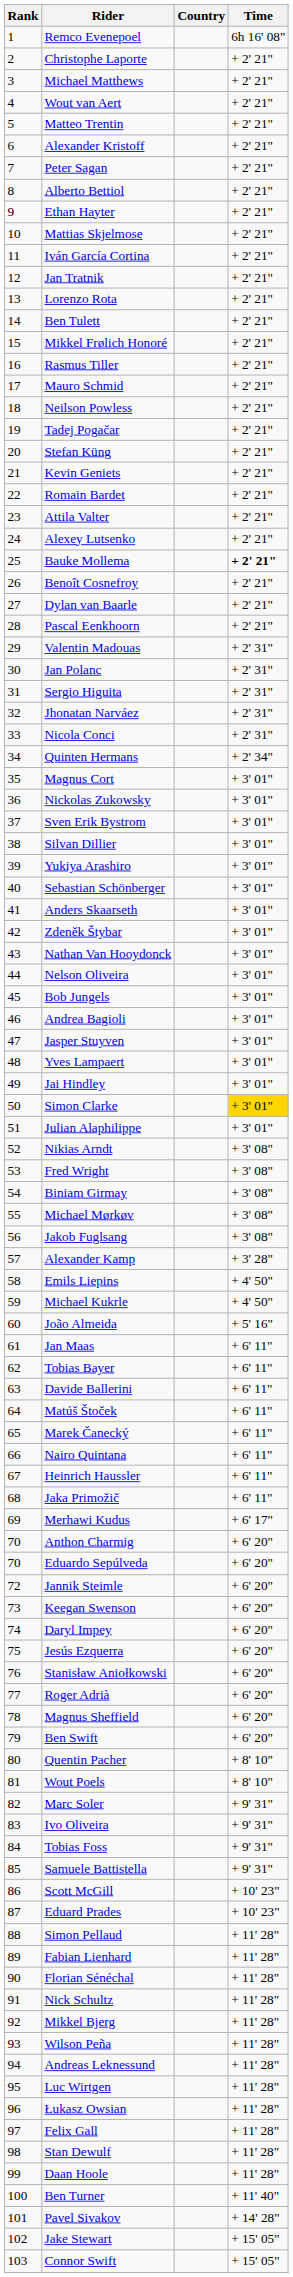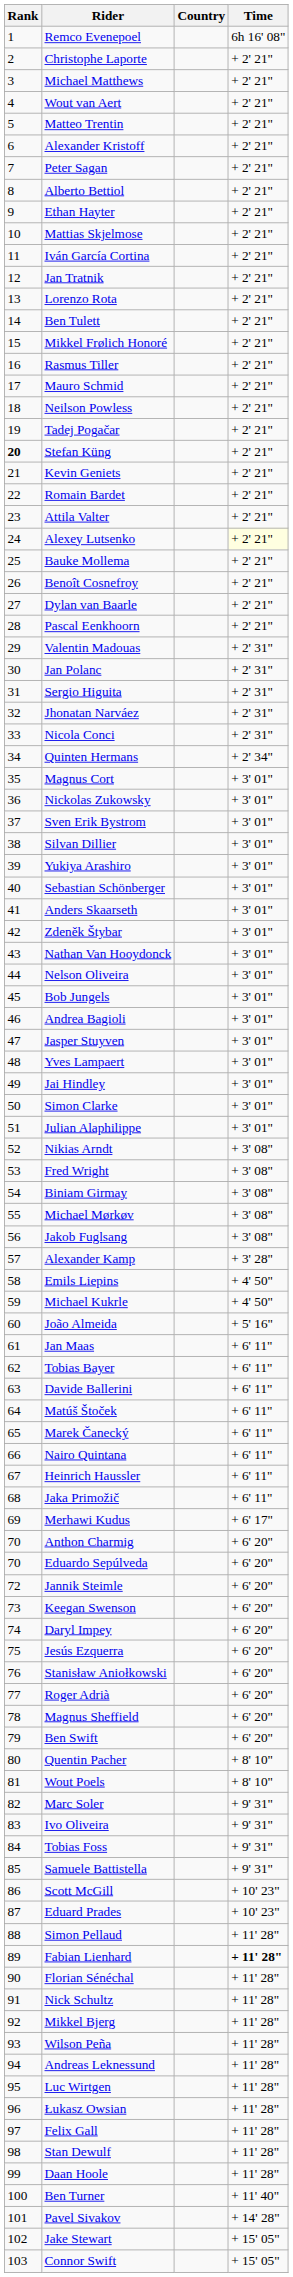 <table class="wikitable sortable" style="font-size:95%; text-align:left;">
 <tr>
 <th>Rank</th>
 <th>Rider</th>
 <th>Country</th>
 <th>Time</th>
 </tr>
 <tr>
 <td>1</td>
 <td><a href='#'>Remco Evenepoel</a></td>
 <td></td>
 <td>6h 16' 08"</td>
 </tr>
 <tr>
 <td>2</td>
 <td><a href='#'>Christophe Laporte</a></td>
 <td></td>
 <td>+ 2' 21"</td>
 </tr>
 <tr>
 <td>3</td>
 <td><a href='#'>Michael Matthews</a></td>
 <td></td>
 <td>+ 2' 21"</td>
 </tr>
 <tr>
 <td>4</td>
 <td><a href='#'>Wout van Aert</a></td>
 <td></td>
 <td>+ 2' 21"</td>
 </tr>
 <tr>
 <td>5</td>
 <td><a href='#'>Matteo Trentin</a></td>
 <td></td>
 <td>+ 2' 21"</td>
 </tr>
 <tr>
 <td>6</td>
 <td><a href='#'>Alexander Kristoff</a></td>
 <td></td>
 <td>+ 2' 21"</td>
 </tr>
 <tr>
 <td>7</td>
 <td><a href='#'>Peter Sagan</a></td>
 <td></td>
 <td>+ 2' 21"</td>
 </tr>
 <tr>
 <td>8</td>
 <td><a href='#'>Alberto Bettiol</a></td>
 <td></td>
 <td>+ 2' 21"</td>
 </tr>
 <tr>
 <td>9</td>
 <td><a href='#'>Ethan Hayter</a></td>
 <td></td>
 <td>+ 2' 21"</td>
 </tr>
 <tr>
 <td>10</td>
 <td><a href='#'>Mattias Skjelmose</a></td>
 <td></td>
 <td>+ 2' 21"</td>
 </tr>
 <tr>
 <td>11</td>
 <td><a href='#'>Iván García Cortina</a></td>
 <td></td>
 <td>+ 2' 21"</td>
 </tr>
 <tr>
 <td>12</td>
 <td><a href='#'>Jan Tratnik</a></td>
 <td></td>
 <td>+ 2' 21"</td>
 </tr>
 <tr>
 <td>13</td>
 <td><a href='#'>Lorenzo Rota</a></td>
 <td></td>
 <td>+ 2' 21"</td>
 </tr>
 <tr>
 <td>14</td>
 <td><a href='#'>Ben Tulett</a></td>
 <td></td>
 <td>+ 2' 21"</td>
 </tr>
 <tr>
 <td>15</td>
 <td><a href='#'>Mikkel Frølich Honoré</a></td>
 <td></td>
 <td>+ 2' 21"</td>
 </tr>
 <tr>
 <td>16</td>
 <td><a href='#'>Rasmus Tiller</a></td>
 <td></td>
 <td>+ 2' 21"</td>
 </tr>
 <tr>
 <td>17</td>
 <td><a href='#'>Mauro Schmid</a></td>
 <td></td>
 <td>+ 2' 21"</td>
 </tr>
 <tr>
 <td>18</td>
 <td><a href='#'>Neilson Powless</a></td>
 <td></td>
 <td>+ 2' 21"</td>
 </tr>
 <tr>
 <td>19</td>
 <td><a href='#'>Tadej Pogačar</a></td>
 <td></td>
 <td>+ 2' 21"</td>
 </tr>
 <tr>
-<td>20</td>
+<td><strong>20</strong></td>
 <td><a href='#'>Stefan Küng</a></td>
 <td></td>
 <td>+ 2' 21"</td>
 </tr>
 <tr>
 <td>21</td>
 <td><a href='#'>Kevin Geniets</a></td>
 <td></td>
 <td>+ 2' 21"</td>
 </tr>
 <tr>
 <td>22</td>
 <td><a href='#'>Romain Bardet</a></td>
 <td></td>
 <td>+ 2' 21"</td>
 </tr>
 <tr>
 <td>23</td>
 <td><a href='#'>Attila Valter</a></td>
 <td></td>
 <td>+ 2' 21"</td>
 </tr>
 <tr>
 <td>24</td>
 <td><a href='#'>Alexey Lutsenko</a></td>
 <td></td>
-<td>+ 2' 21"</td>
+<td style="background: lightyellow;">+ 2' 21"</td>
 </tr>
 <tr>
 <td>25</td>
 <td><a href='#'>Bauke Mollema</a></td>
 <td></td>
-<td><strong>+ 2' 21"</strong></td>
+<td>+ 2' 21"</td>
 </tr>
 <tr>
 <td>26</td>
 <td><a href='#'>Benoît Cosnefroy</a></td>
 <td></td>
 <td>+ 2' 21"</td>
 </tr>
 <tr>
 <td>27</td>
 <td><a href='#'>Dylan van Baarle</a></td>
 <td></td>
 <td>+ 2' 21"</td>
 </tr>
 <tr>
 <td>28</td>
 <td><a href='#'>Pascal Eenkhoorn</a></td>
 <td></td>
 <td>+ 2' 21"</td>
 </tr>
 <tr>
 <td>29</td>
 <td><a href='#'>Valentin Madouas</a></td>
 <td></td>
 <td>+ 2' 31"</td>
 </tr>
 <tr>
 <td>30</td>
 <td><a href='#'>Jan Polanc</a></td>
 <td></td>
 <td>+ 2' 31"</td>
 </tr>
 <tr>
 <td>31</td>
 <td><a href='#'>Sergio Higuita</a></td>
 <td></td>
 <td>+ 2' 31"</td>
 </tr>
 <tr>
 <td>32</td>
 <td><a href='#'>Jhonatan Narváez</a></td>
 <td></td>
 <td>+ 2' 31"</td>
 </tr>
 <tr>
 <td>33</td>
 <td><a href='#'>Nicola Conci</a></td>
 <td></td>
 <td>+ 2' 31"</td>
 </tr>
 <tr>
 <td>34</td>
 <td><a href='#'>Quinten Hermans</a></td>
 <td></td>
 <td>+ 2' 34"</td>
 </tr>
 <tr>
 <td>35</td>
 <td><a href='#'>Magnus Cort</a></td>
 <td></td>
 <td>+ 3' 01"</td>
 </tr>
 <tr>
 <td>36</td>
 <td><a href='#'>Nickolas Zukowsky</a></td>
 <td></td>
 <td>+ 3' 01"</td>
 </tr>
 <tr>
 <td>37</td>
 <td><a href='#'>Sven Erik Bystrom</a></td>
 <td></td>
 <td>+ 3' 01"</td>
 </tr>
 <tr>
 <td>38</td>
 <td><a href='#'>Silvan Dillier</a></td>
 <td></td>
 <td>+ 3' 01"</td>
 </tr>
 <tr>
 <td>39</td>
 <td><a href='#'>Yukiya Arashiro</a></td>
 <td></td>
 <td>+ 3' 01"</td>
 </tr>
 <tr>
 <td>40</td>
 <td><a href='#'>Sebastian Schönberger</a></td>
 <td></td>
 <td>+ 3' 01"</td>
 </tr>
 <tr>
 <td>41</td>
 <td><a href='#'>Anders Skaarseth</a></td>
 <td></td>
 <td>+ 3' 01"</td>
 </tr>
 <tr>
 <td>42</td>
 <td><a href='#'>Zdeněk Štybar</a></td>
 <td></td>
 <td>+ 3' 01"</td>
 </tr>
 <tr>
 <td>43</td>
 <td><a href='#'>Nathan Van Hooydonck</a></td>
 <td></td>
 <td>+ 3' 01"</td>
 </tr>
 <tr>
 <td>44</td>
 <td><a href='#'>Nelson Oliveira</a></td>
 <td></td>
 <td>+ 3' 01"</td>
 </tr>
 <tr>
 <td>45</td>
 <td><a href='#'>Bob Jungels</a></td>
 <td></td>
 <td>+ 3' 01"</td>
 </tr>
 <tr>
 <td>46</td>
 <td><a href='#'>Andrea Bagioli</a></td>
 <td></td>
 <td>+ 3' 01"</td>
 </tr>
 <tr>
 <td>47</td>
 <td><a href='#'>Jasper Stuyven</a></td>
 <td></td>
 <td>+ 3' 01"</td>
 </tr>
 <tr>
 <td>48</td>
 <td><a href='#'>Yves Lampaert</a></td>
 <td></td>
 <td>+ 3' 01"</td>
 </tr>
 <tr>
 <td>49</td>
 <td><a href='#'>Jai Hindley</a></td>
 <td></td>
 <td>+ 3' 01"</td>
 </tr>
 <tr>
 <td>50</td>
 <td><a href='#'>Simon Clarke</a></td>
 <td></td>
-<td style="background: gold;">+ 3' 01"</td>
+<td>+ 3' 01"</td>
 </tr>
 <tr>
 <td>51</td>
 <td><a href='#'>Julian Alaphilippe</a></td>
 <td></td>
 <td>+ 3' 01"</td>
 </tr>
 <tr>
 <td>52</td>
 <td><a href='#'>Nikias Arndt</a></td>
 <td></td>
 <td>+ 3' 08"</td>
 </tr>
 <tr>
 <td>53</td>
 <td><a href='#'>Fred Wright</a></td>
 <td></td>
 <td>+ 3' 08"</td>
 </tr>
 <tr>
 <td>54</td>
 <td><a href='#'>Biniam Girmay</a></td>
 <td></td>
 <td>+ 3' 08"</td>
 </tr>
 <tr>
 <td>55</td>
 <td><a href='#'>Michael Mørkøv</a></td>
 <td></td>
 <td>+ 3' 08"</td>
 </tr>
 <tr>
 <td>56</td>
 <td><a href='#'>Jakob Fuglsang</a></td>
 <td></td>
 <td>+ 3' 08"</td>
 </tr>
 <tr>
 <td>57</td>
 <td><a href='#'>Alexander Kamp</a></td>
 <td></td>
 <td>+ 3' 28"</td>
 </tr>
 <tr>
 <td>58</td>
 <td><a href='#'>Emils Liepins</a></td>
 <td></td>
 <td>+ 4' 50"</td>
 </tr>
 <tr>
 <td>59</td>
 <td><a href='#'>Michael Kukrle</a></td>
 <td></td>
 <td>+ 4' 50"</td>
 </tr>
 <tr>
 <td>60</td>
 <td><a href='#'>João Almeida</a></td>
 <td></td>
 <td>+ 5' 16"</td>
 </tr>
 <tr>
 <td>61</td>
 <td><a href='#'>Jan Maas</a></td>
 <td></td>
 <td>+ 6' 11"</td>
 </tr>
 <tr>
 <td>62</td>
 <td><a href='#'>Tobias Bayer</a></td>
 <td></td>
 <td>+ 6' 11"</td>
 </tr>
 <tr>
 <td>63</td>
 <td><a href='#'>Davide Ballerini</a></td>
 <td></td>
 <td>+ 6' 11"</td>
 </tr>
 <tr>
 <td>64</td>
 <td><a href='#'>Matúš Štoček</a></td>
 <td></td>
 <td>+ 6' 11"</td>
 </tr>
 <tr>
 <td>65</td>
 <td><a href='#'>Marek Čanecký</a></td>
 <td></td>
 <td>+ 6' 11"</td>
 </tr>
 <tr>
 <td>66</td>
 <td><a href='#'>Nairo Quintana</a></td>
 <td></td>
 <td>+ 6' 11"</td>
 </tr>
 <tr>
 <td>67</td>
 <td><a href='#'>Heinrich Haussler</a></td>
 <td></td>
 <td>+ 6' 11"</td>
 </tr>
 <tr>
 <td>68</td>
 <td><a href='#'>Jaka Primožič</a></td>
 <td></td>
 <td>+ 6' 11"</td>
 </tr>
 <tr>
 <td>69</td>
 <td><a href='#'>Merhawi Kudus</a></td>
 <td></td>
 <td>+ 6' 17"</td>
 </tr>
 <tr>
 <td>70</td>
 <td><a href='#'>Anthon Charmig</a></td>
 <td></td>
 <td>+ 6' 20"</td>
 </tr>
 <tr>
 <td>70</td>
 <td><a href='#'>Eduardo Sepúlveda</a></td>
 <td></td>
 <td>+ 6' 20"</td>
 </tr>
 <tr>
 <td>72</td>
 <td><a href='#'>Jannik Steimle</a></td>
 <td></td>
 <td>+ 6' 20"</td>
 </tr>
 <tr>
 <td>73</td>
 <td><a href='#'>Keegan Swenson</a></td>
 <td></td>
 <td>+ 6' 20"</td>
 </tr>
 <tr>
 <td>74</td>
 <td><a href='#'>Daryl Impey</a></td>
 <td></td>
 <td>+ 6' 20"</td>
 </tr>
 <tr>
 <td>75</td>
 <td><a href='#'>Jesús Ezquerra</a></td>
 <td></td>
 <td>+ 6' 20"</td>
 </tr>
 <tr>
 <td>76</td>
 <td><a href='#'>Stanisław Aniołkowski</a></td>
 <td></td>
 <td>+ 6' 20"</td>
 </tr>
 <tr>
 <td>77</td>
 <td><a href='#'>Roger Adrià</a></td>
 <td></td>
 <td>+ 6' 20"</td>
 </tr>
 <tr>
 <td>78</td>
 <td><a href='#'>Magnus Sheffield</a></td>
 <td></td>
 <td>+ 6' 20"</td>
 </tr>
 <tr>
 <td>79</td>
 <td><a href='#'>Ben Swift</a></td>
 <td></td>
 <td>+ 6' 20"</td>
 </tr>
 <tr>
 <td>80</td>
 <td><a href='#'>Quentin Pacher</a></td>
 <td></td>
 <td>+ 8' 10"</td>
 </tr>
 <tr>
 <td>81</td>
 <td><a href='#'>Wout Poels</a></td>
 <td></td>
 <td>+ 8' 10"</td>
 </tr>
 <tr>
 <td>82</td>
 <td><a href='#'>Marc Soler</a></td>
 <td></td>
 <td>+ 9' 31"</td>
 </tr>
 <tr>
 <td>83</td>
 <td><a href='#'>Ivo Oliveira</a></td>
 <td></td>
 <td>+ 9' 31"</td>
 </tr>
 <tr>
 <td>84</td>
 <td><a href='#'>Tobias Foss</a></td>
 <td></td>
 <td>+ 9' 31"</td>
 </tr>
 <tr>
 <td>85</td>
 <td><a href='#'>Samuele Battistella</a></td>
 <td></td>
 <td>+ 9' 31"</td>
 </tr>
 <tr>
 <td>86</td>
 <td><a href='#'>Scott McGill</a></td>
 <td></td>
 <td>+ 10' 23"</td>
 </tr>
 <tr>
 <td>87</td>
 <td><a href='#'>Eduard Prades</a></td>
 <td></td>
 <td>+ 10' 23"</td>
 </tr>
 <tr>
 <td>88</td>
 <td><a href='#'>Simon Pellaud</a></td>
 <td></td>
 <td>+ 11' 28"</td>
 </tr>
 <tr>
 <td>89</td>
 <td><a href='#'>Fabian Lienhard</a></td>
 <td></td>
-<td>+ 11' 28"</td>
+<td><strong>+ 11' 28"</strong></td>
 </tr>
 <tr>
 <td>90</td>
 <td><a href='#'>Florian Sénéchal</a></td>
 <td></td>
 <td>+ 11' 28"</td>
 </tr>
 <tr>
 <td>91</td>
 <td><a href='#'>Nick Schultz</a></td>
 <td></td>
 <td>+ 11' 28"</td>
 </tr>
 <tr>
 <td>92</td>
 <td><a href='#'>Mikkel Bjerg</a></td>
 <td></td>
 <td>+ 11' 28"</td>
 </tr>
 <tr>
 <td>93</td>
 <td><a href='#'>Wilson Peña</a></td>
 <td></td>
 <td>+ 11' 28"</td>
 </tr>
 <tr>
 <td>94</td>
 <td><a href='#'>Andreas Leknessund</a></td>
 <td></td>
 <td>+ 11' 28"</td>
 </tr>
 <tr>
 <td>95</td>
 <td><a href='#'>Luc Wirtgen</a></td>
 <td></td>
 <td>+ 11' 28"</td>
 </tr>
 <tr>
 <td>96</td>
 <td><a href='#'>Łukasz Owsian</a></td>
 <td></td>
 <td>+ 11' 28"</td>
 </tr>
 <tr>
 <td>97</td>
 <td><a href='#'>Felix Gall</a></td>
 <td></td>
 <td>+ 11' 28"</td>
 </tr>
 <tr>
 <td>98</td>
 <td><a href='#'>Stan Dewulf</a></td>
 <td></td>
 <td>+ 11' 28"</td>
 </tr>
 <tr>
 <td>99</td>
 <td><a href='#'>Daan Hoole</a></td>
 <td></td>
 <td>+ 11' 28"</td>
 </tr>
 <tr>
 <td>100</td>
 <td><a href='#'>Ben Turner</a></td>
 <td></td>
 <td>+ 11' 40"</td>
 </tr>
 <tr>
 <td>101</td>
 <td><a href='#'>Pavel Sivakov</a></td>
 <td></td>
 <td>+ 14' 28"</td>
 </tr>
 <tr>
 <td>102</td>
 <td><a href='#'>Jake Stewart</a></td>
 <td></td>
 <td>+ 15' 05"</td>
 </tr>
 <tr>
 <td>103</td>
 <td><a href='#'>Connor Swift</a></td>
 <td></td>
 <td>+ 15' 05"</td>
 </tr>
 </table>
